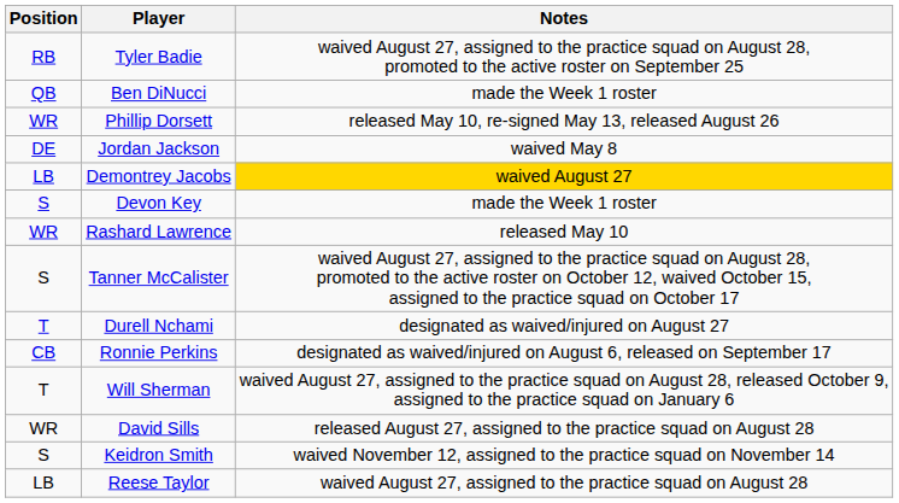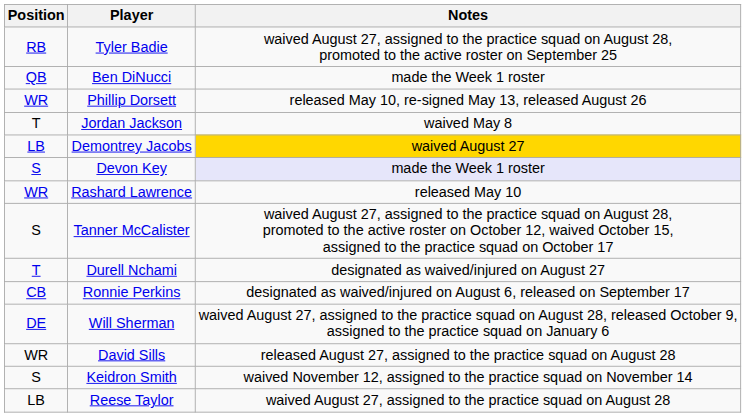 <table class="wikitable" style="text-align:center">
 <tr>
 <th>Position</th>
 <th>Player</th>
 <th>Notes</th>
 </tr>
 <tr>
 <td><a href='#'>RB</a></td>
 <td><a href='#'>Tyler Badie</a></td>
 <td>waived August 27, assigned to the practice squad on August 28,<br>promoted to the active roster on September 25</td>
 </tr>
 <tr>
 <td><a href='#'>QB</a></td>
 <td><a href='#'>Ben DiNucci</a></td>
 <td>made the Week 1 roster</td>
 </tr>
 <tr>
 <td><a href='#'>WR</a></td>
 <td><a href='#'>Phillip Dorsett</a></td>
 <td>released May 10, re-signed May 13, released August 26</td>
 </tr>
 <tr>
-<td><a href='#'>DE</a></td>
+<td>T</td>
 <td><a href='#'>Jordan Jackson</a></td>
 <td>waived May 8</td>
 </tr>
 <tr>
 <td><a href='#'>LB</a></td>
 <td><a href='#'>Demontrey Jacobs</a></td>
 <td style="background: gold;">waived August 27</td>
 </tr>
 <tr>
 <td><a href='#'>S</a></td>
 <td><a href='#'>Devon Key</a></td>
-<td>made the Week 1 roster</td>
+<td style="background: lavender;">made the Week 1 roster</td>
 </tr>
 <tr>
 <td><a href='#'>WR</a></td>
 <td><a href='#'>Rashard Lawrence</a></td>
 <td>released May 10</td>
 </tr>
 <tr>
 <td>S</td>
 <td><a href='#'>Tanner McCalister</a></td>
 <td>waived August 27, assigned to the practice squad on August 28,<br>promoted to the active roster on October 12, waived October 15,<br>assigned to the practice squad on October 17</td>
 </tr>
 <tr>
 <td><a href='#'>T</a></td>
 <td><a href='#'>Durell Nchami</a></td>
 <td>designated as waived/injured on August 27</td>
 </tr>
 <tr>
 <td><a href='#'>CB</a></td>
 <td><a href='#'>Ronnie Perkins</a></td>
 <td>designated as waived/injured on August 6, released on September 17</td>
 </tr>
 <tr>
-<td>T</td>
+<td><a href='#'>DE</a></td>
 <td><a href='#'>Will Sherman</a></td>
 <td>waived August 27, assigned to the practice squad on August 28, released October 9,<br>assigned to the practice squad on January 6</td>
 </tr>
 <tr>
 <td>WR</td>
 <td><a href='#'>David Sills</a></td>
 <td>released August 27, assigned to the practice squad on August 28</td>
 </tr>
 <tr>
 <td>S</td>
 <td><a href='#'>Keidron Smith</a></td>
 <td>waived November 12, assigned to the practice squad on November 14</td>
 </tr>
 <tr>
 <td>LB</td>
 <td><a href='#'>Reese Taylor</a></td>
 <td>waived August 27, assigned to the practice squad on August 28</td>
 </tr>
 </table>
